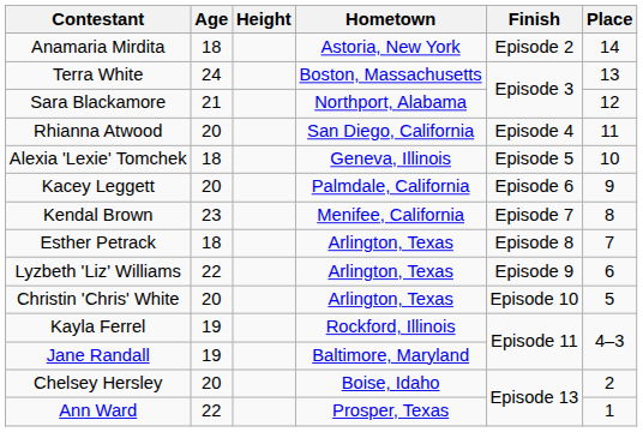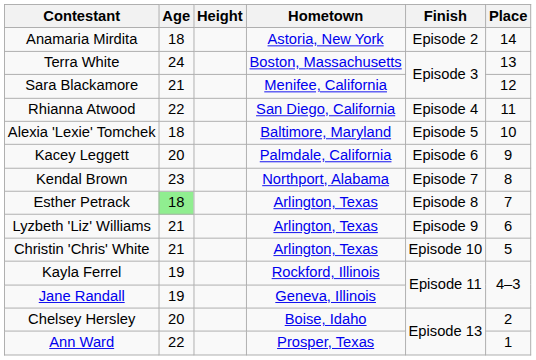 <table class="wikitable sortable" style="text-align:center;">
 <tr>
 <th>Contestant</th>
 <th>Age</th>
 <th>Height</th>
 <th>Hometown</th>
 <th>Finish</th>
 <th>Place</th>
 </tr>
 <tr>
 <td>Anamaria Mirdita</td>
 <td>18</td>
 <td></td>
 <td><a href='#'>Astoria, New York</a></td>
 <td>Episode 2</td>
 <td>14</td>
 </tr>
 <tr>
 <td>Terra White</td>
 <td>24</td>
 <td></td>
 <td><a href='#'>Boston, Massachusetts</a></td>
 <td rowspan="2">Episode 3</td>
 <td>13</td>
 </tr>
 <tr>
 <td>Sara Blackamore</td>
 <td>21</td>
 <td></td>
-<td><a href='#'>Northport, Alabama</a></td>
+<td><a href='#'>Menifee, California</a></td>
 <td>12</td>
 </tr>
 <tr>
 <td>Rhianna Atwood</td>
-<td>20</td>
+<td>22</td>
 <td></td>
 <td><a href='#'>San Diego, California</a></td>
 <td>Episode 4</td>
 <td>11</td>
 </tr>
 <tr>
 <td>Alexia 'Lexie' Tomchek</td>
 <td>18</td>
 <td></td>
-<td><a href='#'>Geneva, Illinois</a></td>
+<td><a href='#'>Baltimore, Maryland</a></td>
 <td>Episode 5</td>
 <td>10</td>
 </tr>
 <tr>
 <td>Kacey Leggett</td>
 <td>20</td>
 <td></td>
 <td><a href='#'>Palmdale, California</a></td>
 <td>Episode 6</td>
 <td>9</td>
 </tr>
 <tr>
 <td>Kendal Brown</td>
 <td>23</td>
 <td></td>
-<td><a href='#'>Menifee, California</a></td>
+<td><a href='#'>Northport, Alabama</a></td>
 <td>Episode 7</td>
 <td>8</td>
 </tr>
 <tr>
 <td>Esther Petrack</td>
-<td>18</td>
+<td style="background: lightgreen;">18</td>
 <td></td>
 <td><a href='#'>Arlington, Texas</a></td>
 <td>Episode 8</td>
 <td>7</td>
 </tr>
 <tr>
 <td>Lyzbeth 'Liz' Williams</td>
-<td>22</td>
+<td>21</td>
 <td></td>
 <td><a href='#'>Arlington, Texas</a></td>
 <td>Episode 9</td>
 <td>6</td>
 </tr>
 <tr>
 <td>Christin 'Chris' White</td>
-<td>20</td>
+<td>21</td>
 <td></td>
 <td><a href='#'>Arlington, Texas</a></td>
 <td>Episode 10</td>
 <td>5</td>
 </tr>
 <tr>
 <td>Kayla Ferrel</td>
 <td>19</td>
 <td></td>
 <td><a href='#'>Rockford, Illinois</a></td>
 <td rowspan=2>Episode 11</td>
 <td rowspan="2">4–3</td>
 </tr>
 <tr>
 <td><a href='#'>Jane Randall</a></td>
 <td>19</td>
 <td></td>
-<td><a href='#'>Baltimore, Maryland</a></td>
+<td><a href='#'>Geneva, Illinois</a></td>
 </tr>
 <tr>
 <td>Chelsey Hersley</td>
 <td>20</td>
 <td></td>
 <td><a href='#'>Boise, Idaho</a></td>
 <td rowspan="2">Episode 13</td>
 <td>2</td>
 </tr>
 <tr>
 <td><a href='#'>Ann Ward</a></td>
 <td>22</td>
 <td></td>
 <td><a href='#'>Prosper, Texas</a></td>
 <td>1</td>
 </tr>
 </table>
